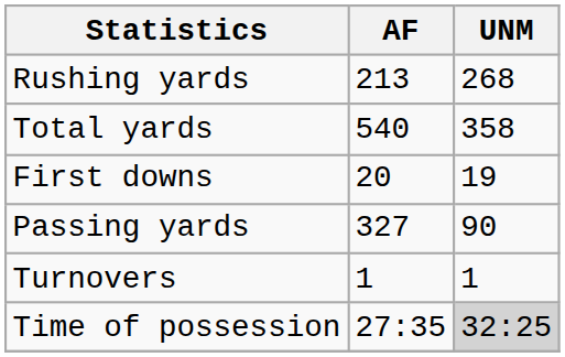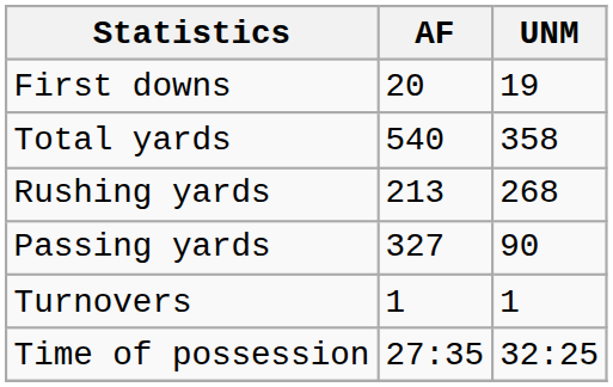 <table class="wikitable">
 <tr>
 <th>Statistics</th>
 <th>AF</th>
 <th>UNM</th>
 </tr>
 <tr>
-<td>Rushing yards</td>
-<td>213</td>
-<td>268</td>
+<td>First downs</td>
+<td>20</td>
+<td>19</td>
 </tr>
 <tr>
 <td>Total yards</td>
 <td>540</td>
 <td>358</td>
 </tr>
 <tr>
-<td>First downs</td>
-<td>20</td>
-<td>19</td>
+<td>Rushing yards</td>
+<td>213</td>
+<td>268</td>
 </tr>
 <tr>
 <td>Passing yards</td>
 <td>327</td>
 <td>90</td>
 </tr>
 <tr>
 <td>Turnovers</td>
 <td>1</td>
 <td>1</td>
 </tr>
 <tr>
 <td>Time of possession</td>
 <td>27:35</td>
-<td style="background: lightgrey;">32:25</td>
+<td>32:25</td>
 </tr>
 <tr>
 </tr>
 </table>
